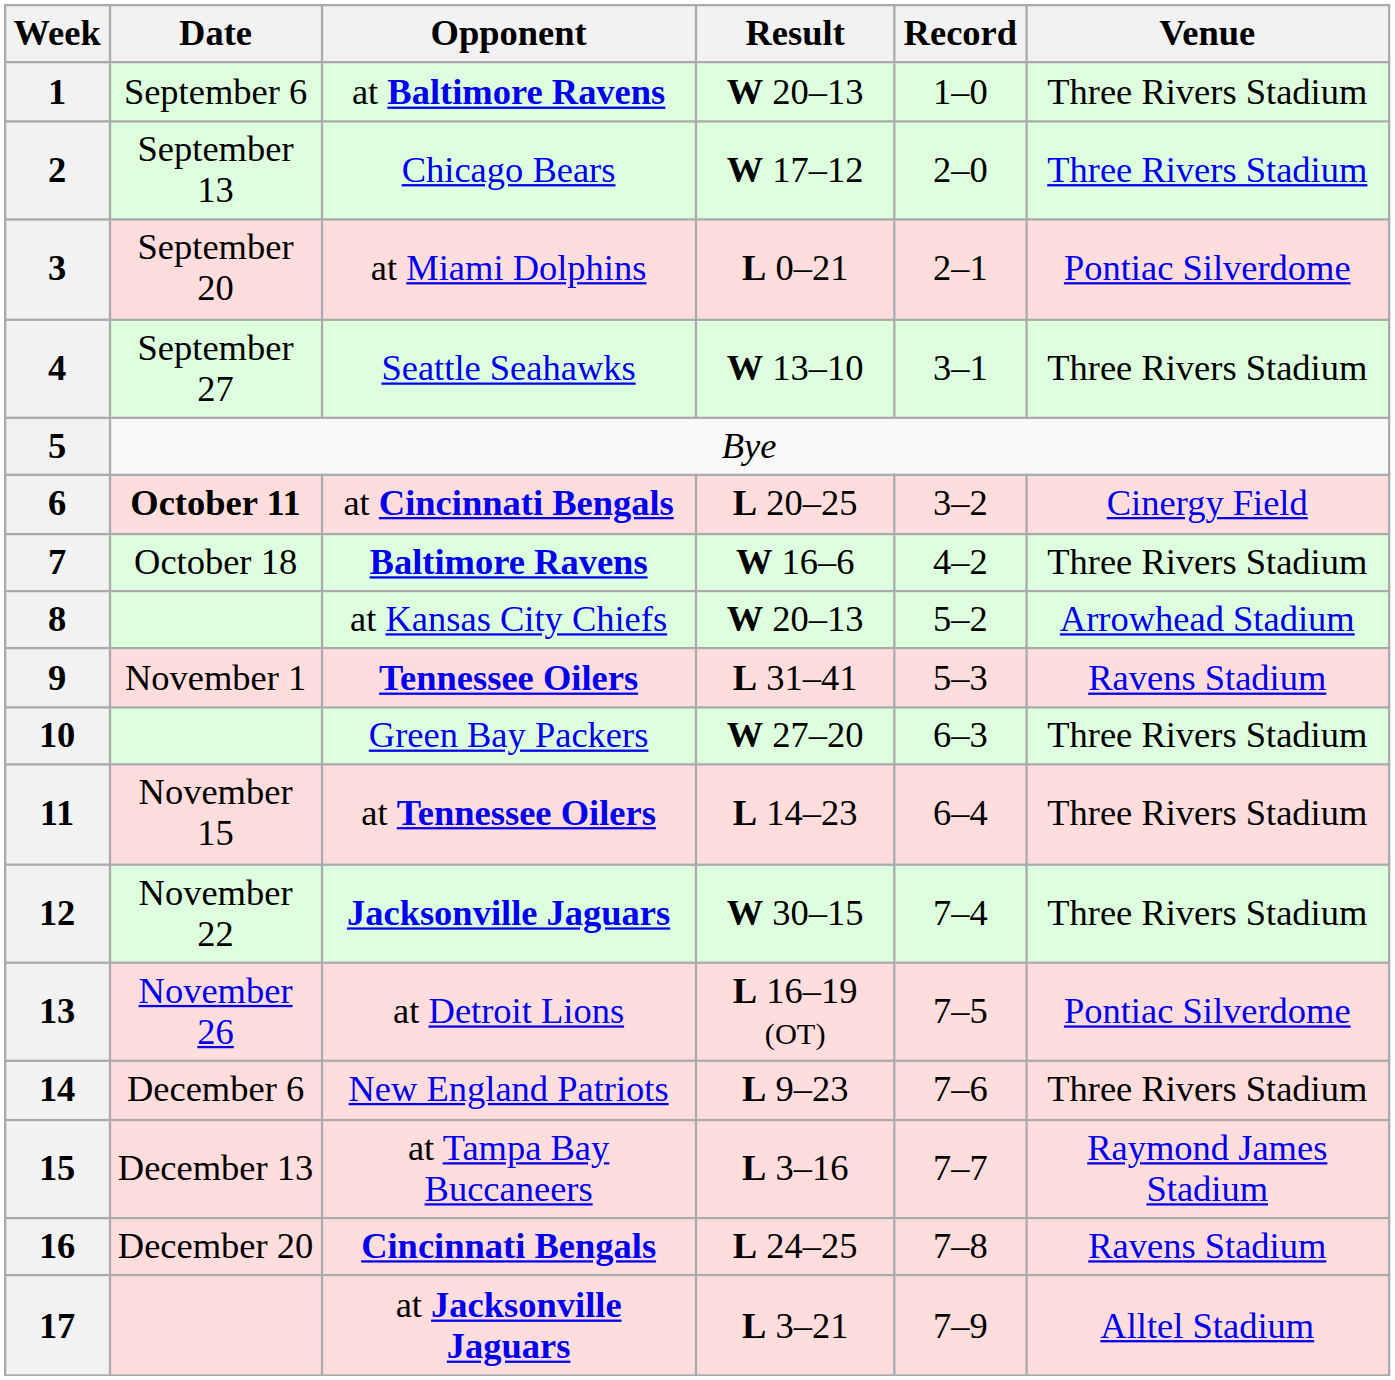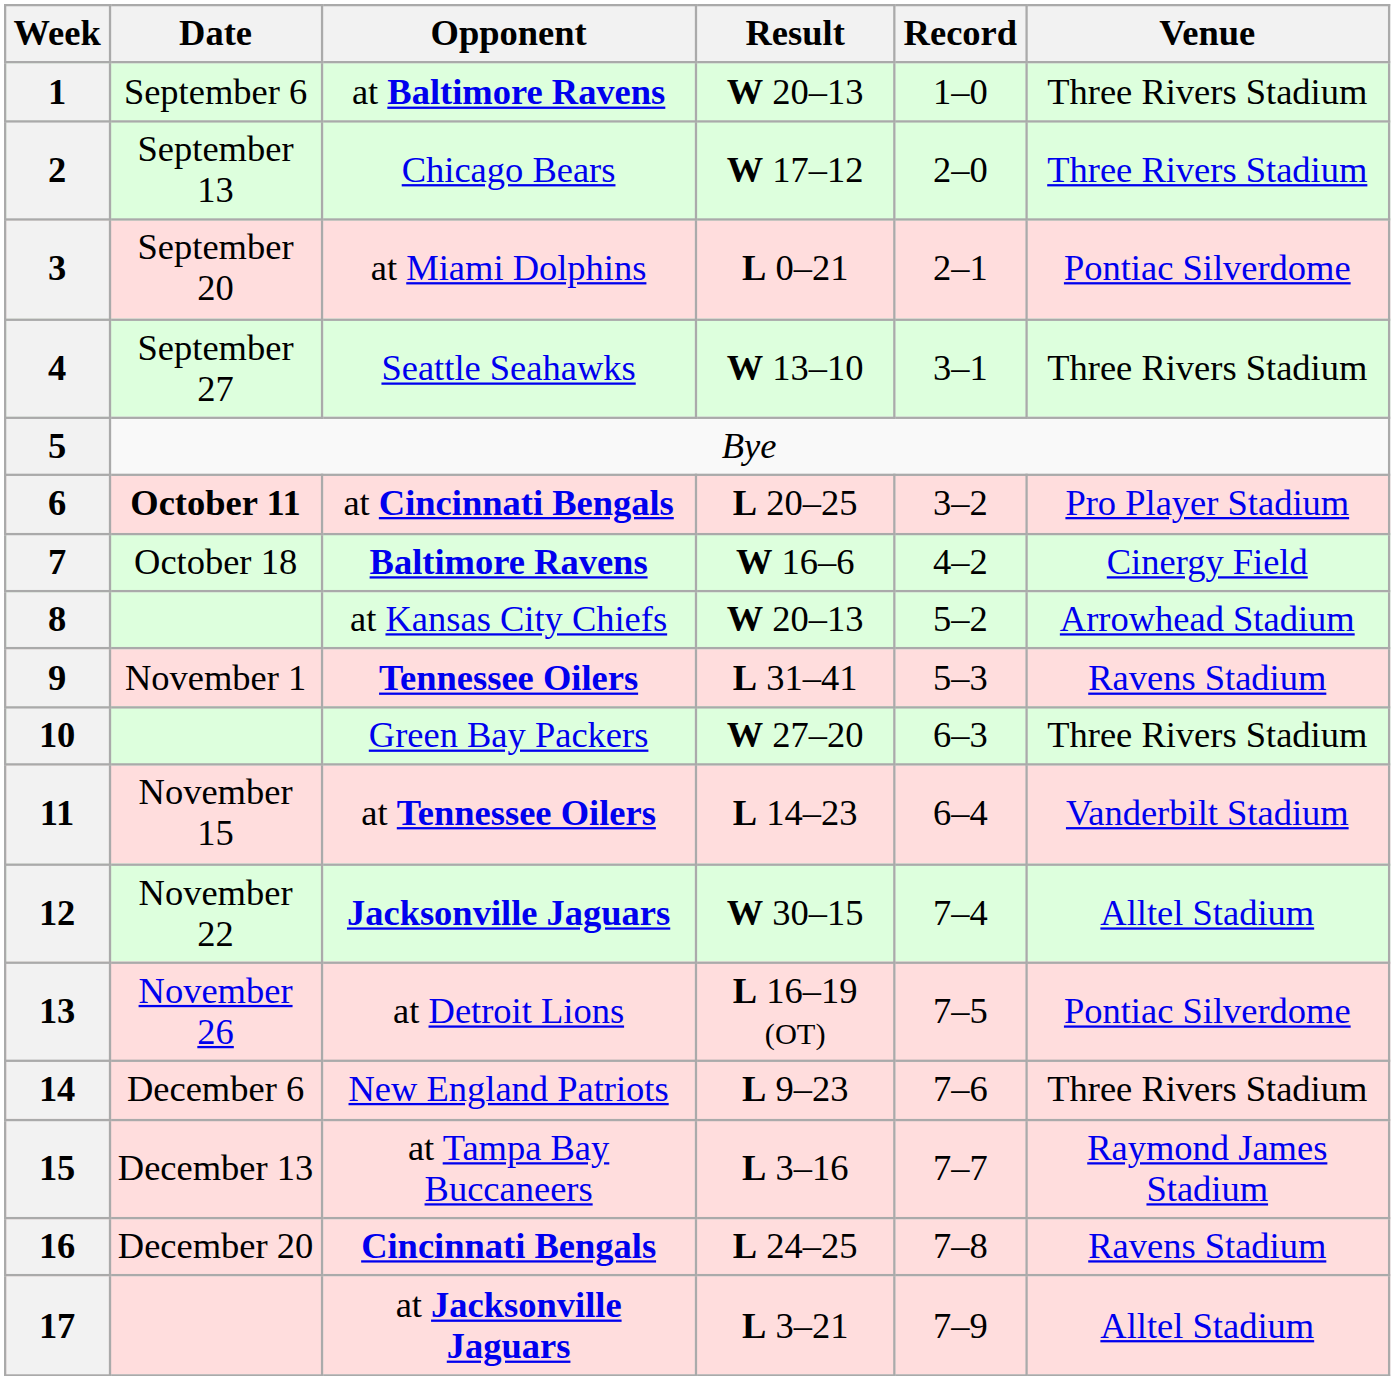 <table class="wikitable" style="text-align:center">
 <tr>
 <th>Week</th>
 <th>Date</th>
 <th>Opponent</th>
 <th>Result</th>
 <th>Record</th>
 <th>Venue</th>
 </tr>
 <tr style="background:#dfd">
 <th>1</th>
 <td>September 6</td>
 <td>at <strong><a href='#'>Baltimore Ravens</a></strong></td>
 <td><strong>W</strong> 20–13</td>
 <td>1–0</td>
 <td>Three Rivers Stadium</td>
 </tr>
 <tr style="background:#dfd">
 <th>2</th>
 <td>September 13</td>
 <td><a href='#'>Chicago Bears</a></td>
 <td><strong>W</strong> 17–12</td>
 <td>2–0</td>
 <td><a href='#'>Three Rivers Stadium</a></td>
 </tr>
 <tr style="background:#fdd">
 <th>3</th>
 <td>September 20</td>
 <td>at <a href='#'>Miami Dolphins</a></td>
 <td><strong>L</strong> 0–21</td>
 <td>2–1</td>
 <td><a href='#'>Pontiac Silverdome</a></td>
 </tr>
 <tr style="background:#dfd">
 <th>4</th>
 <td>September 27</td>
 <td><a href='#'>Seattle Seahawks</a></td>
 <td><strong>W</strong> 13–10</td>
 <td>3–1</td>
 <td>Three Rivers Stadium</td>
 </tr>
 <tr>
 <th>5</th>
 <td colspan=6 align="center"><em>Bye</em></td>
 </tr>
 <tr style="background:#fdd">
 <th>6</th>
 <td><strong>October 11</strong></td>
 <td>at <strong><a href='#'>Cincinnati Bengals</a></strong></td>
 <td><strong>L</strong> 20–25</td>
 <td>3–2</td>
-<td><a href='#'>Cinergy Field</a></td>
+<td><a href='#'>Pro Player Stadium</a></td>
 </tr>
 <tr style="background:#dfd">
 <th>7</th>
 <td>October 18</td>
 <td><strong><a href='#'>Baltimore Ravens</a></strong></td>
 <td><strong>W</strong> 16–6</td>
 <td>4–2</td>
-<td>Three Rivers Stadium</td>
+<td><a href='#'>Cinergy Field</a></td>
 </tr>
 <tr style="background:#dfd">
 <th>8</th>
 <td></td>
 <td>at <a href='#'>Kansas City Chiefs</a></td>
 <td><strong>W</strong> 20–13</td>
 <td>5–2</td>
 <td><a href='#'>Arrowhead Stadium</a></td>
 </tr>
 <tr style="background:#fdd">
 <th>9</th>
 <td>November 1</td>
 <td><strong><a href='#'>Tennessee Oilers</a></strong></td>
 <td><strong>L</strong> 31–41</td>
 <td>5–3</td>
 <td><a href='#'>Ravens Stadium</a></td>
 </tr>
 <tr style="background:#dfd">
 <th>10</th>
 <td></td>
 <td><a href='#'>Green Bay Packers</a></td>
 <td><strong>W</strong> 27–20</td>
 <td>6–3</td>
 <td>Three Rivers Stadium</td>
 </tr>
 <tr style="background:#fdd">
 <th>11</th>
 <td>November 15</td>
 <td>at <strong><a href='#'>Tennessee Oilers</a></strong></td>
 <td><strong>L</strong> 14–23</td>
 <td>6–4</td>
-<td>Three Rivers Stadium</td>
+<td><a href='#'>Vanderbilt Stadium</a></td>
 </tr>
 <tr style="background:#dfd">
 <th>12</th>
 <td>November 22</td>
 <td><strong><a href='#'>Jacksonville Jaguars</a></strong></td>
 <td><strong>W</strong> 30–15</td>
 <td>7–4</td>
-<td>Three Rivers Stadium</td>
+<td><a href='#'>Alltel Stadium</a></td>
 </tr>
 <tr style="background:#fdd">
 <th>13</th>
 <td><a href='#'>November 26</a></td>
 <td>at <a href='#'>Detroit Lions</a></td>
 <td><strong>L</strong> 16–19 <small>(OT)</small></td>
 <td>7–5</td>
 <td><a href='#'>Pontiac Silverdome</a></td>
 </tr>
 <tr style="background:#fdd">
 <th>14</th>
 <td>December 6</td>
 <td><a href='#'>New England Patriots</a></td>
 <td><strong>L</strong> 9–23</td>
 <td>7–6</td>
 <td>Three Rivers Stadium</td>
 </tr>
 <tr style="background:#fdd">
 <th>15</th>
 <td>December 13</td>
 <td>at <a href='#'>Tampa Bay Buccaneers</a></td>
 <td><strong>L</strong> 3–16</td>
 <td>7–7</td>
 <td><a href='#'>Raymond James Stadium</a></td>
 </tr>
 <tr style="background:#fdd">
 <th>16</th>
 <td>December 20</td>
 <td><strong><a href='#'>Cincinnati Bengals</a></strong></td>
 <td><strong>L</strong> 24–25</td>
 <td>7–8</td>
 <td><a href='#'>Ravens Stadium</a></td>
 </tr>
 <tr style="background:#fdd">
 <th>17</th>
 <td></td>
 <td>at <strong><a href='#'>Jacksonville Jaguars</a></strong></td>
 <td><strong>L</strong> 3–21</td>
 <td>7–9</td>
 <td><a href='#'>Alltel Stadium</a></td>
 </tr>
 </table>
